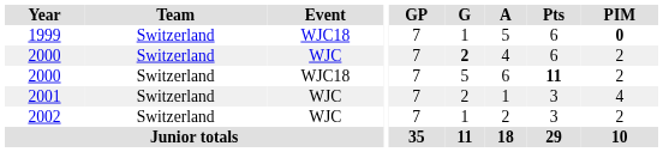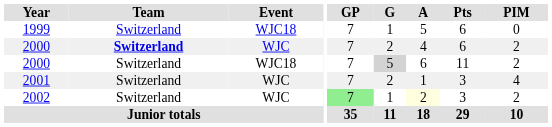 <table border="0" cellpadding="1" cellspacing="0" ID="Table3" style="text-align:center; width:40em">
 <tr ALIGN="center" bgcolor="#e0e0e0">
 <th>Year</th>
 <th>Team</th>
 <th>Event</th>
 <th rowspan="99" bgcolor="#ffffff"></th>
 <th>GP</th>
 <th>G</th>
 <th>A</th>
 <th>Pts</th>
 <th>PIM</th>
 </tr>
 <tr>
 <td><a href='#'>1999</a></td>
 <td><a href='#'>Switzerland</a></td>
 <td><a href='#'>WJC18</a></td>
 <td>7</td>
 <td>1</td>
 <td>5</td>
 <td>6</td>
-<td><strong>0</strong></td>
+<td>0</td>
 </tr>
 <tr bgcolor="#f0f0f0">
 <td><a href='#'>2000</a></td>
-<td><a href='#'>Switzerland</a></td>
+<td><strong><a href='#'>Switzerland</a></strong></td>
 <td><a href='#'>WJC</a></td>
 <td>7</td>
-<td><strong>2</strong></td>
+<td>2</td>
 <td>4</td>
 <td>6</td>
 <td>2</td>
 </tr>
 <tr>
 <td><a href='#'>2000</a></td>
 <td>Switzerland</td>
 <td>WJC18</td>
 <td>7</td>
-<td>5</td>
+<td style="background: lightgrey;">5</td>
 <td>6</td>
-<td><strong>11</strong></td>
+<td>11</td>
 <td>2</td>
 </tr>
 <tr bgcolor="#f0f0f0">
 <td><a href='#'>2001</a></td>
 <td>Switzerland</td>
 <td>WJC</td>
 <td>7</td>
 <td>2</td>
 <td>1</td>
 <td>3</td>
 <td>4</td>
 </tr>
 <tr>
 <td><a href='#'>2002</a></td>
 <td>Switzerland</td>
 <td>WJC</td>
-<td>7</td>
+<td style="background: lightgreen;">7</td>
 <td>1</td>
-<td>2</td>
+<td style="background: lightyellow;">2</td>
 <td>3</td>
 <td>2</td>
 </tr>
 <tr bgcolor="#e0e0e0">
 <th colspan="3">Junior totals</th>
 <th>35</th>
 <th>11</th>
 <th>18</th>
 <th>29</th>
 <th>10</th>
 </tr>
 </table>
